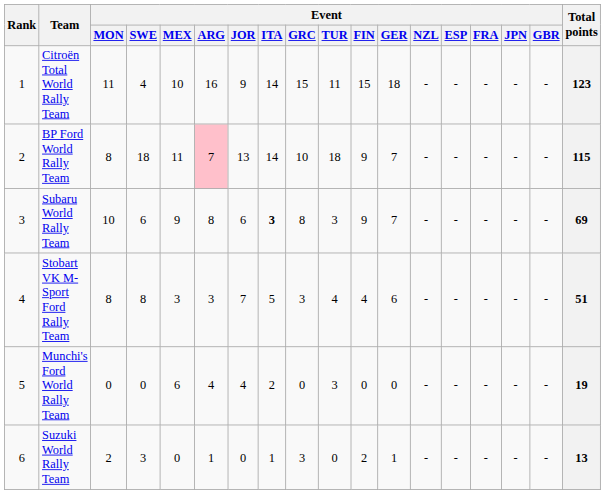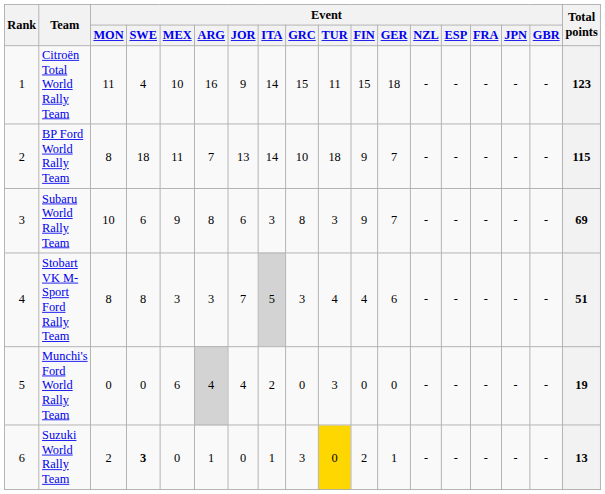 <table class="wikitable" style="text-align:center; font-size:90%;">
 <tr>
 <th rowspan=2>Rank</th>
 <th rowspan=2>Team</th>
 <th colspan=15>Event</th>
 <th rowspan=2>Total<br>points</th>
 </tr>
 <tr valign="top">
 <th><a href='#'>MON</a><br></th>
 <th><a href='#'>SWE</a><br></th>
 <th><a href='#'>MEX</a><br></th>
 <th><a href='#'>ARG</a><br></th>
 <th><a href='#'>JOR</a><br></th>
 <th><a href='#'>ITA</a><br></th>
 <th><a href='#'>GRC</a><br></th>
 <th><a href='#'>TUR</a><br></th>
 <th><a href='#'>FIN</a><br></th>
 <th><a href='#'>GER</a><br></th>
 <th><a href='#'>NZL</a><br></th>
 <th><a href='#'>ESP</a><br></th>
 <th><a href='#'>FRA</a><br></th>
 <th><a href='#'>JPN</a><br></th>
 <th><a href='#'>GBR</a><br></th>
 </tr>
 <tr>
 <td>1</td>
 <td align="left"> <a href='#'>Citroën Total World Rally Team</a></td>
 <td>11</td>
 <td>4</td>
 <td>10</td>
 <td>16</td>
 <td>9</td>
 <td>14</td>
 <td>15</td>
 <td>11</td>
 <td>15</td>
 <td>18</td>
 <td>-</td>
 <td>-</td>
 <td>-</td>
 <td>-</td>
 <td>-</td>
 <th>123</th>
 </tr>
 <tr>
 <td>2</td>
 <td align="left"> <a href='#'>BP Ford World Rally Team</a></td>
 <td>8</td>
 <td>18</td>
 <td>11</td>
-<td style="background: pink;">7</td>
+<td>7</td>
 <td>13</td>
 <td>14</td>
 <td>10</td>
 <td>18</td>
 <td>9</td>
 <td>7</td>
 <td>-</td>
 <td>-</td>
 <td>-</td>
 <td>-</td>
 <td>-</td>
 <th>115</th>
 </tr>
 <tr>
 <td>3</td>
 <td align="left"> <a href='#'>Subaru World Rally Team</a></td>
 <td>10</td>
 <td>6</td>
 <td>9</td>
 <td>8</td>
 <td>6</td>
-<td><strong>3</strong></td>
+<td>3</td>
 <td>8</td>
 <td>3</td>
 <td>9</td>
 <td>7</td>
 <td>-</td>
 <td>-</td>
 <td>-</td>
 <td>-</td>
 <td>-</td>
 <th>69</th>
 </tr>
 <tr>
 <td>4</td>
 <td align="left"> <a href='#'>Stobart VK M-Sport Ford Rally Team</a></td>
 <td>8</td>
 <td>8</td>
 <td>3</td>
 <td>3</td>
 <td>7</td>
-<td>5</td>
+<td style="background: lightgrey;">5</td>
 <td>3</td>
 <td>4</td>
 <td>4</td>
 <td>6</td>
 <td>-</td>
 <td>-</td>
 <td>-</td>
 <td>-</td>
 <td>-</td>
 <th>51</th>
 </tr>
 <tr>
 <td>5</td>
 <td align="left"> <a href='#'>Munchi's Ford World Rally Team</a></td>
 <td>0</td>
 <td>0</td>
 <td>6</td>
-<td>4</td>
+<td style="background: lightgrey;">4</td>
 <td>4</td>
 <td>2</td>
 <td>0</td>
 <td>3</td>
 <td>0</td>
 <td>0</td>
 <td>-</td>
 <td>-</td>
 <td>-</td>
 <td>-</td>
 <td>-</td>
 <th>19</th>
 </tr>
 <tr>
 <td>6</td>
 <td align="left"> <a href='#'>Suzuki World Rally Team</a></td>
 <td>2</td>
-<td>3</td>
+<td><strong>3</strong></td>
 <td>0</td>
 <td>1</td>
 <td>0</td>
 <td>1</td>
 <td>3</td>
-<td>0</td>
+<td style="background: gold;">0</td>
 <td>2</td>
 <td>1</td>
 <td>-</td>
 <td>-</td>
 <td>-</td>
 <td>-</td>
 <td>-</td>
 <th>13</th>
 </tr>
 </table>
